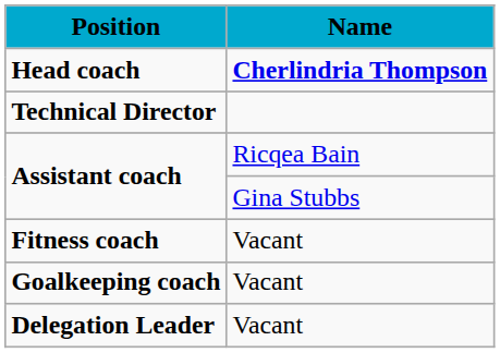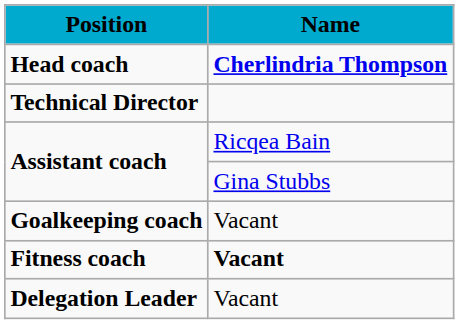 <table class="wikitable" style="font-size:90%;">
 <tr>
 <th style="background-color:#00A9CE;"><span>Position</span></th>
 <th style="background-color:#00A9CE;"><span>Name</span></th>
 </tr>
 <tr>
 <td><strong>Head coach</strong></td>
 <td align="left"><strong> <a href='#'>Cherlindria Thompson</a></strong></td>
 </tr>
 <tr>
 <td><strong>Technical Director</strong></td>
 <td align="left"></td>
 </tr>
 <tr>
 <td rowspan="2"><strong>Assistant coach</strong></td>
 <td> <a href='#'>Ricqea Bain</a></td>
 </tr>
 <tr>
 <td> <a href='#'>Gina Stubbs</a></td>
 </tr>
 <tr>
-<td><strong>Fitness coach</strong></td>
+<td><strong>Goalkeeping coach</strong></td>
 <td align="left">Vacant</td>
 </tr>
 <tr>
-<td><strong>Goalkeeping coach</strong></td>
-<td align="left">Vacant</td>
+<td><strong>Fitness coach</strong></td>
+<td align="left"><strong>Vacant</strong></td>
 </tr>
 <tr>
 <td><strong>Delegation Leader</strong></td>
 <td align="left">Vacant</td>
 </tr>
 </table>
